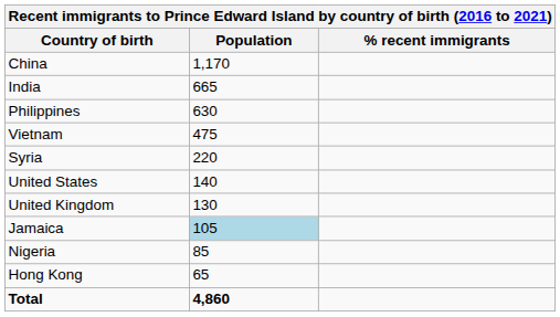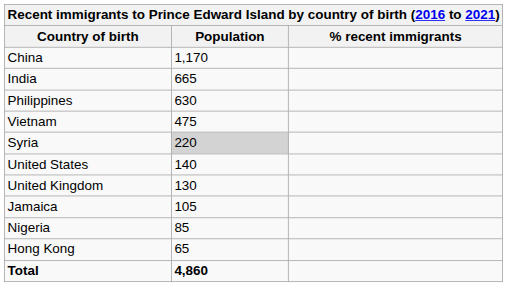 <table class="wikitable">
 <tr>
 <th colspan="3">Recent immigrants to Prince Edward Island by country of birth (<a href='#'>2016</a> to <a href='#'>2021</a>)</th>
 </tr>
 <tr>
 <th>Country of birth</th>
 <th>Population</th>
 <th>% recent immigrants</th>
 </tr>
 <tr>
 <td>China</td>
 <td>1,170</td>
 <td></td>
 </tr>
 <tr>
 <td>India</td>
 <td>665</td>
 <td></td>
 </tr>
 <tr>
 <td>Philippines</td>
 <td>630</td>
 <td></td>
 </tr>
 <tr>
 <td>Vietnam</td>
 <td>475</td>
 <td></td>
 </tr>
 <tr>
 <td>Syria</td>
-<td>220</td>
+<td style="background: lightgrey;">220</td>
 <td></td>
 </tr>
 <tr>
 <td>United States</td>
 <td>140</td>
 <td></td>
 </tr>
 <tr>
 <td>United Kingdom</td>
 <td>130</td>
 <td></td>
 </tr>
 <tr>
 <td>Jamaica</td>
-<td style="background: lightblue;">105</td>
+<td>105</td>
 <td></td>
 </tr>
 <tr>
 <td>Nigeria</td>
 <td>85</td>
 <td></td>
 </tr>
 <tr>
 <td>Hong Kong</td>
 <td>65</td>
 <td></td>
 </tr>
 <tr>
 <td><strong>Total</strong></td>
 <td><strong>4,860</strong></td>
 <td><strong></strong></td>
 </tr>
 </table>
